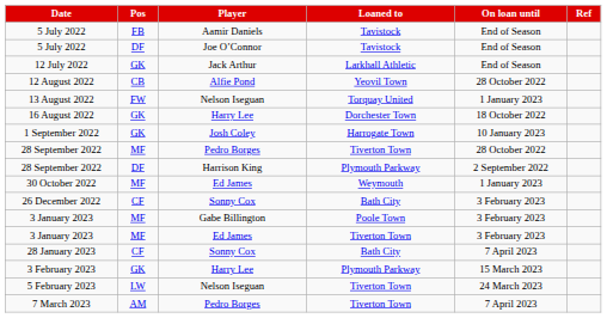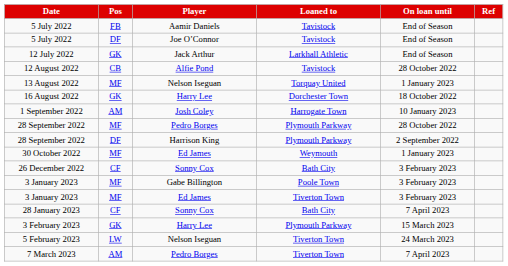 <table class="wikitable"  style="text-align:center; font-size:90%; ">
 <tr>
 <th style="background:#DD0000; color:#FFFFFF; width:150px; ">Date</th>
 <th style="background:#DD0000; color:#FFFFFF; width:50px; ">Pos</th>
 <th style="background:#DD0000; color:#FFFFFF; width:200px; ">Player</th>
 <th style="background:#DD0000; color:#FFFFFF; width:200px; ">Loaned to</th>
 <th style="background:#DD0000; color:#FFFFFF; width:150px; ">On loan until</th>
 <th style="background:#DD0000; color:#FFFFFF; width:40px; ">Ref</th>
 </tr>
 <tr>
 <td>5 July 2022</td>
 <td><a href='#'>FB</a></td>
 <td> Aamir Daniels</td>
 <td> <a href='#'>Tavistock</a></td>
 <td>End of Season</td>
 <td></td>
 </tr>
 <tr>
 <td>5 July 2022</td>
 <td><a href='#'>DF</a></td>
 <td> Joe O’Connor</td>
 <td> <a href='#'>Tavistock</a></td>
 <td>End of Season</td>
 <td></td>
 </tr>
 <tr>
 <td>12 July 2022</td>
 <td><a href='#'>GK</a></td>
 <td> Jack Arthur</td>
 <td> <a href='#'>Larkhall Athletic</a></td>
 <td>End of Season</td>
 <td></td>
 </tr>
 <tr>
 <td>12 August 2022</td>
 <td><a href='#'>CB</a></td>
 <td> <a href='#'>Alfie Pond</a></td>
-<td> <a href='#'>Yeovil Town</a></td>
+<td> <a href='#'>Tavistock</a></td>
 <td>28 October 2022</td>
 <td></td>
 </tr>
 <tr>
 <td>13 August 2022</td>
-<td><a href='#'>FW</a></td>
+<td><a href='#'>MF</a></td>
 <td> Nelson Iseguan</td>
 <td> <a href='#'>Torquay United</a></td>
 <td>1 January 2023</td>
 <td></td>
 </tr>
 <tr>
 <td>16 August 2022</td>
 <td><a href='#'>GK</a></td>
 <td> <a href='#'>Harry Lee</a></td>
 <td> <a href='#'>Dorchester Town</a></td>
 <td>18 October 2022</td>
 <td></td>
 </tr>
 <tr>
 <td>1 September 2022</td>
-<td><a href='#'>GK</a></td>
+<td><a href='#'>AM</a></td>
 <td> <a href='#'>Josh Coley</a></td>
 <td> <a href='#'>Harrogate Town</a></td>
 <td>10 January 2023</td>
 <td></td>
 </tr>
 <tr>
 <td>28 September 2022</td>
 <td><a href='#'>MF</a></td>
 <td> <a href='#'>Pedro Borges</a></td>
-<td> <a href='#'>Tiverton Town</a></td>
+<td> <a href='#'>Plymouth Parkway</a></td>
 <td>28 October 2022</td>
 <td></td>
 </tr>
 <tr>
 <td>28 September 2022</td>
 <td><a href='#'>DF</a></td>
 <td> Harrison King</td>
 <td> <a href='#'>Plymouth Parkway</a></td>
 <td>2 September 2022</td>
 <td></td>
 </tr>
 <tr>
 <td>30 October 2022</td>
 <td><a href='#'>MF</a></td>
 <td> <a href='#'>Ed James</a></td>
 <td> <a href='#'>Weymouth</a></td>
 <td>1 January 2023</td>
 <td></td>
 </tr>
 <tr>
 <td>26 December 2022</td>
 <td><a href='#'>CF</a></td>
 <td> <a href='#'>Sonny Cox</a></td>
 <td> <a href='#'>Bath City</a></td>
 <td>3 February 2023</td>
 <td></td>
 </tr>
 <tr>
 <td>3 January 2023</td>
 <td><a href='#'>MF</a></td>
 <td> Gabe Billington</td>
 <td> <a href='#'>Poole Town</a></td>
 <td>3 February 2023</td>
 <td></td>
 </tr>
 <tr>
 <td>3 January 2023</td>
 <td><a href='#'>MF</a></td>
 <td> <a href='#'>Ed James</a></td>
 <td> <a href='#'>Tiverton Town</a></td>
 <td>3 February 2023</td>
 <td></td>
 </tr>
 <tr>
 <td>28 January 2023</td>
 <td><a href='#'>CF</a></td>
 <td> <a href='#'>Sonny Cox</a></td>
 <td> <a href='#'>Bath City</a></td>
 <td>7 April 2023</td>
 <td></td>
 </tr>
 <tr>
 <td>3 February 2023</td>
 <td><a href='#'>GK</a></td>
 <td> <a href='#'>Harry Lee</a></td>
 <td> <a href='#'>Plymouth Parkway</a></td>
 <td>15 March 2023</td>
 <td></td>
 </tr>
 <tr>
 <td>5 February 2023</td>
 <td><a href='#'>LW</a></td>
 <td> Nelson Iseguan</td>
 <td> <a href='#'>Tiverton Town</a></td>
 <td>24 March 2023</td>
 <td></td>
 </tr>
 <tr>
 <td>7 March 2023</td>
 <td><a href='#'>AM</a></td>
 <td> <a href='#'>Pedro Borges</a></td>
 <td> <a href='#'>Tiverton Town</a></td>
 <td>7 April 2023</td>
 <td></td>
 </tr>
 </table>
